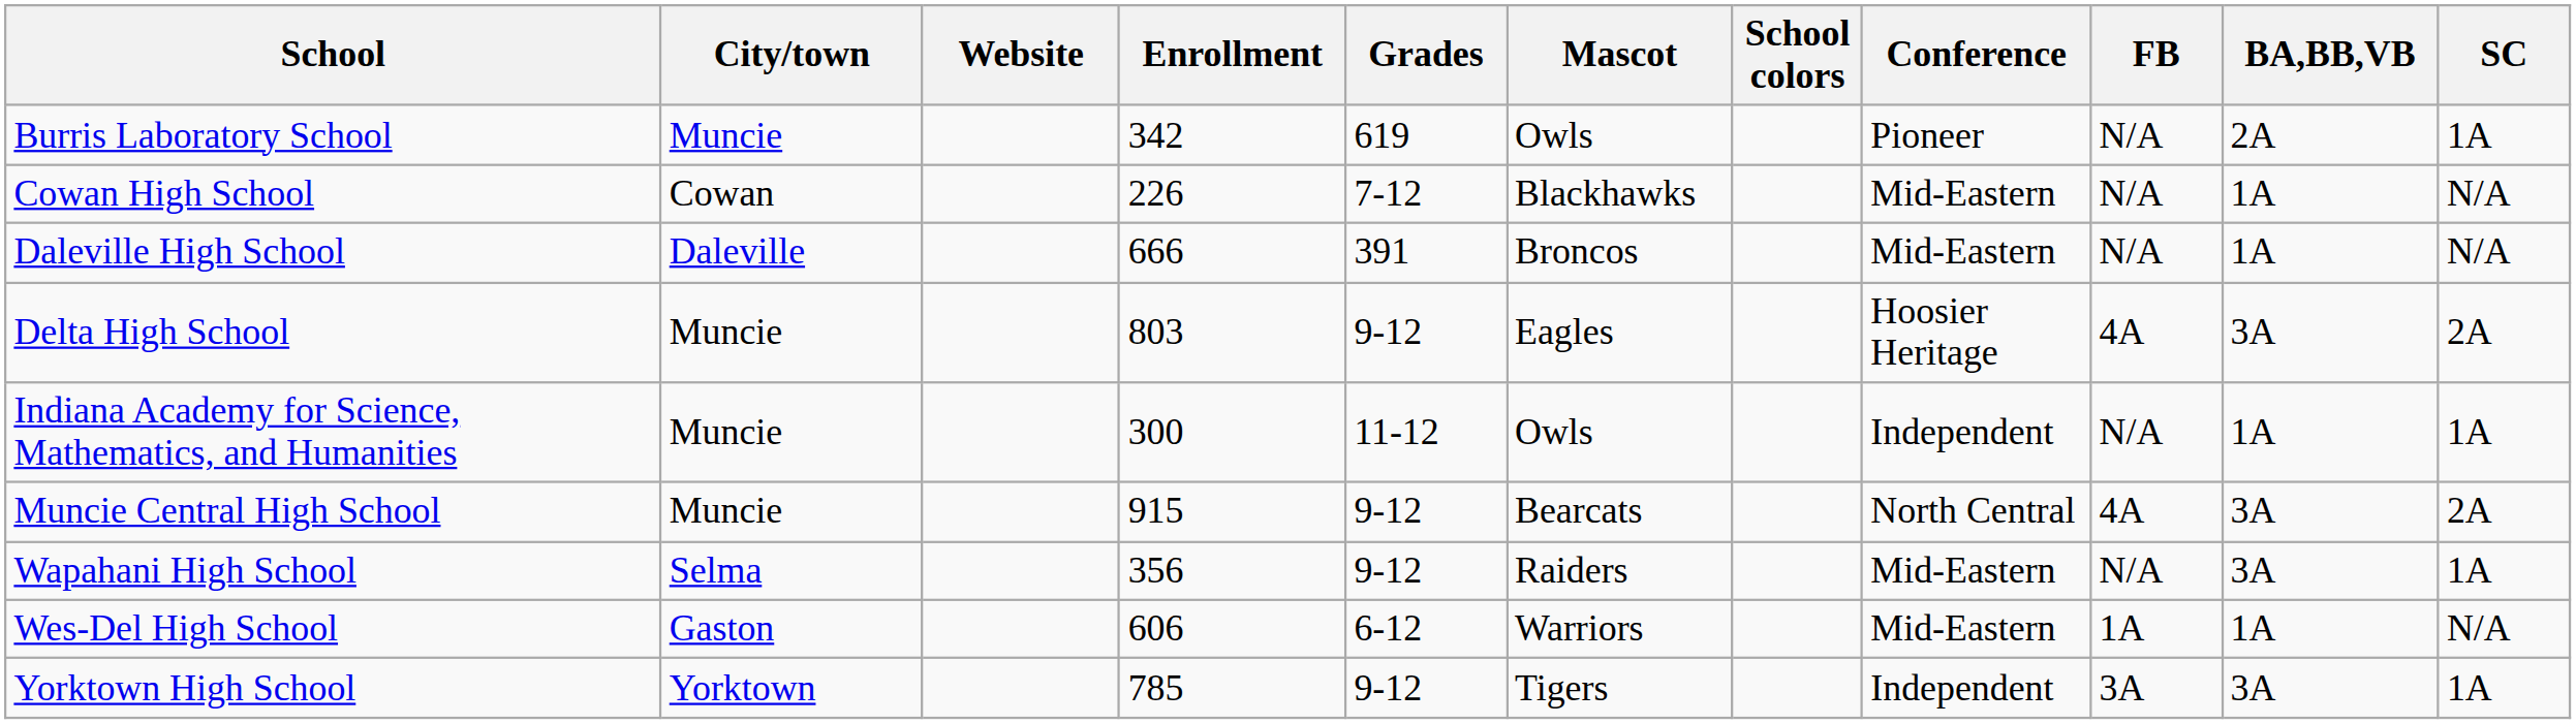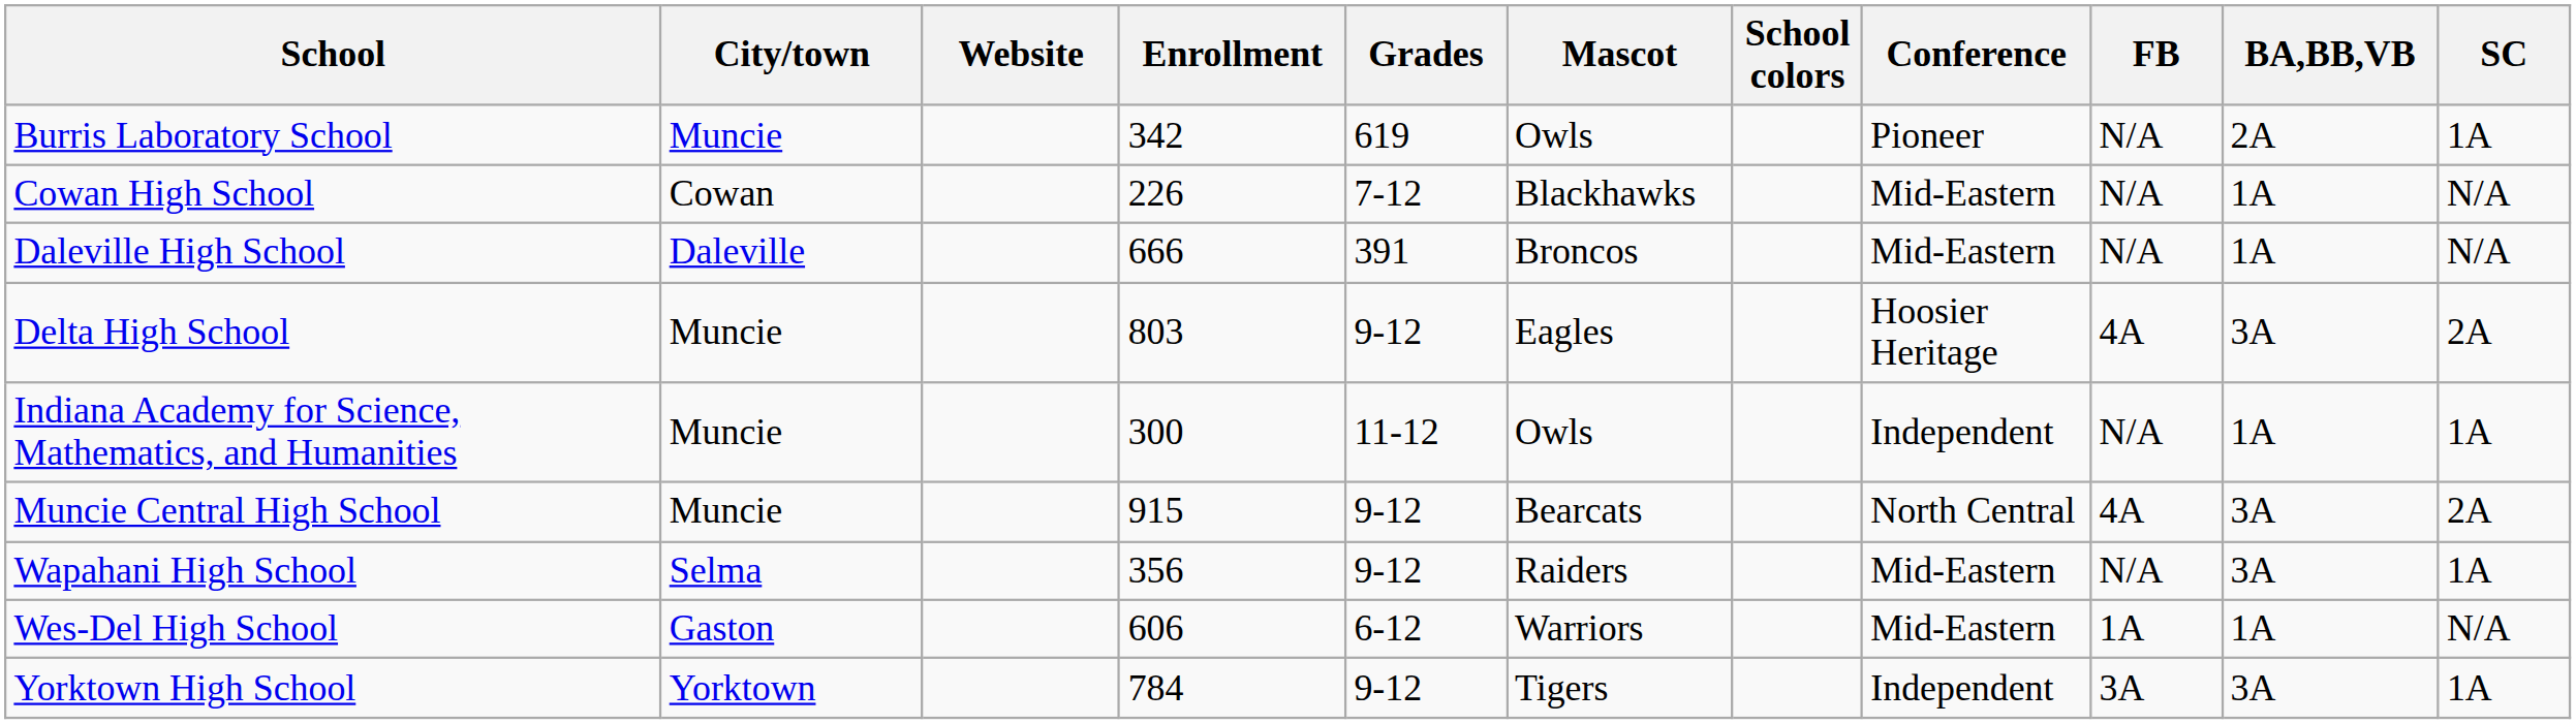 <table class="wikitable sortable" width="70%">
 <tr>
 <th width="20%">School</th>
 <th width="08%">City/town</th>
 <th width="06%">Website</th>
 <th width="04%">Enrollment</th>
 <th width="04%">Grades</th>
 <th width="04%">Mascot</th>
 <th width=01%>School colors</th>
 <th width="04%">Conference</th>
 <th width="04%">FB</th>
 <th width="04%">BA,BB,VB</th>
 <th width="04%">SC</th>
 </tr>
 <tr>
 <td><a href='#'>Burris Laboratory School</a></td>
 <td><a href='#'>Muncie</a></td>
 <td></td>
 <td>342</td>
 <td>619</td>
 <td>Owls</td>
 <td> </td>
 <td>Pioneer</td>
 <td>N/A</td>
 <td>2A</td>
 <td>1A</td>
 </tr>
 <tr>
 <td><a href='#'>Cowan High School</a></td>
 <td>Cowan</td>
 <td></td>
 <td>226</td>
 <td>7-12</td>
 <td>Blackhawks</td>
 <td>  </td>
 <td>Mid-Eastern</td>
 <td>N/A</td>
 <td>1A</td>
 <td>N/A</td>
 </tr>
 <tr>
 <td><a href='#'>Daleville High School</a></td>
 <td><a href='#'>Daleville</a></td>
 <td></td>
 <td>666</td>
 <td>391</td>
 <td>Broncos</td>
 <td>  </td>
 <td>Mid-Eastern</td>
 <td>N/A</td>
 <td>1A</td>
 <td>N/A</td>
 </tr>
 <tr>
 <td><a href='#'>Delta High School</a></td>
 <td>Muncie</td>
 <td></td>
 <td>803</td>
 <td>9-12</td>
 <td>Eagles</td>
 <td>  </td>
 <td>Hoosier Heritage</td>
 <td>4A</td>
 <td>3A</td>
 <td>2A</td>
 </tr>
 <tr>
 <td><a href='#'>Indiana Academy for Science, Mathematics, and Humanities</a></td>
 <td>Muncie</td>
 <td></td>
 <td>300</td>
 <td>11-12</td>
 <td>Owls</td>
 <td> </td>
 <td>Independent</td>
 <td>N/A</td>
 <td>1A</td>
 <td>1A</td>
 </tr>
 <tr>
 <td><a href='#'>Muncie Central High School</a></td>
 <td>Muncie</td>
 <td></td>
 <td>915</td>
 <td>9-12</td>
 <td>Bearcats</td>
 <td> </td>
 <td>North Central</td>
 <td>4A</td>
 <td>3A</td>
 <td>2A</td>
 </tr>
 <tr>
 <td><a href='#'>Wapahani High School</a></td>
 <td><a href='#'>Selma</a></td>
 <td></td>
 <td>356</td>
 <td>9-12</td>
 <td>Raiders</td>
 <td> </td>
 <td>Mid-Eastern</td>
 <td>N/A</td>
 <td>3A</td>
 <td>1A</td>
 </tr>
 <tr>
 <td><a href='#'>Wes-Del High School</a></td>
 <td><a href='#'>Gaston</a></td>
 <td></td>
 <td>606</td>
 <td>6-12</td>
 <td>Warriors</td>
 <td> </td>
 <td>Mid-Eastern</td>
 <td>1A</td>
 <td>1A</td>
 <td>N/A</td>
 </tr>
 <tr>
 <td><a href='#'>Yorktown High School</a></td>
 <td><a href='#'>Yorktown</a></td>
 <td></td>
-<td>785</td>
+<td>784</td>
 <td>9-12</td>
 <td>Tigers</td>
 <td> </td>
 <td>Independent</td>
 <td>3A</td>
 <td>3A</td>
 <td>1A</td>
 </tr>
 </table>
